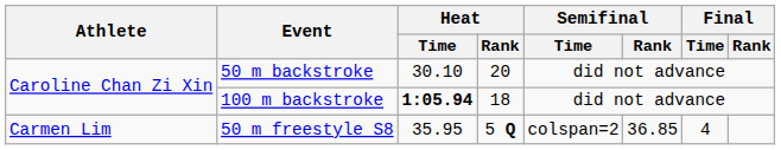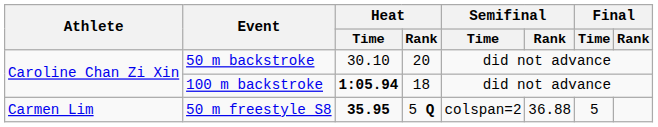 <table class=wikitable style=font-size:90%>
 <tr>
 <th rowspan=2>Athlete</th>
 <th rowspan=2>Event</th>
 <th colspan=2>Heat</th>
 <th colspan=2>Semifinal</th>
 <th colspan=2>Final</th>
 </tr>
 <tr style=font-size:95%>
 <th>Time</th>
 <th>Rank</th>
 <th>Time</th>
 <th>Rank</th>
 <th>Time</th>
 <th>Rank</th>
 </tr>
 <tr align=center>
 <td align=left rowspan=2><a href='#'>Caroline Chan Zi Xin</a></td>
 <td align=left><a href='#'>50 m backstroke</a></td>
 <td>30.10</td>
 <td>20</td>
 <td colspan=4>did not advance</td>
 </tr>
 <tr align=center>
 <td align=left><a href='#'>100 m backstroke</a></td>
 <td><strong>1:05.94</strong></td>
 <td>18</td>
 <td colspan=4>did not advance</td>
 </tr>
 <tr align=center>
 <td align=left><a href='#'>Carmen Lim</a></td>
 <td align=left><a href='#'>50 m freestyle S8</a></td>
-<td>35.95</td>
+<td><strong>35.95</strong></td>
 <td>5 <strong>Q</strong></td>
 <td>colspan=2 </td>
-<td>36.85</td>
-<td>4</td>
+<td>36.88</td>
+<td>5</td>
 </tr>
 </table>
